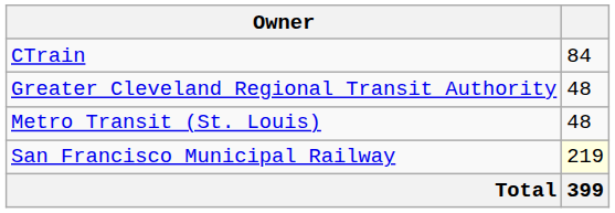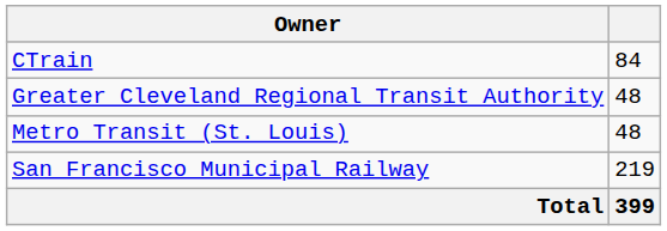 <table class="wikitable sortable" style="margin:auto">
 <tr>
 <th>Owner</th>
 <th></th>
 </tr>
 <tr>
 <td><a href='#'>CTrain</a></td>
 <td>84</td>
 </tr>
 <tr>
 <td><a href='#'>Greater Cleveland Regional Transit Authority</a></td>
 <td>48</td>
 </tr>
 <tr>
 <td><a href='#'>Metro Transit (St. Louis)</a></td>
 <td>48</td>
 </tr>
 <tr>
 <td><a href='#'>San Francisco Municipal Railway</a></td>
-<td style="background: lightyellow;">219</td>
+<td>219</td>
 </tr>
 <tr>
 <th style="text-align:right">Total</th>
 <th>399</th>
 </tr>
 </table>
